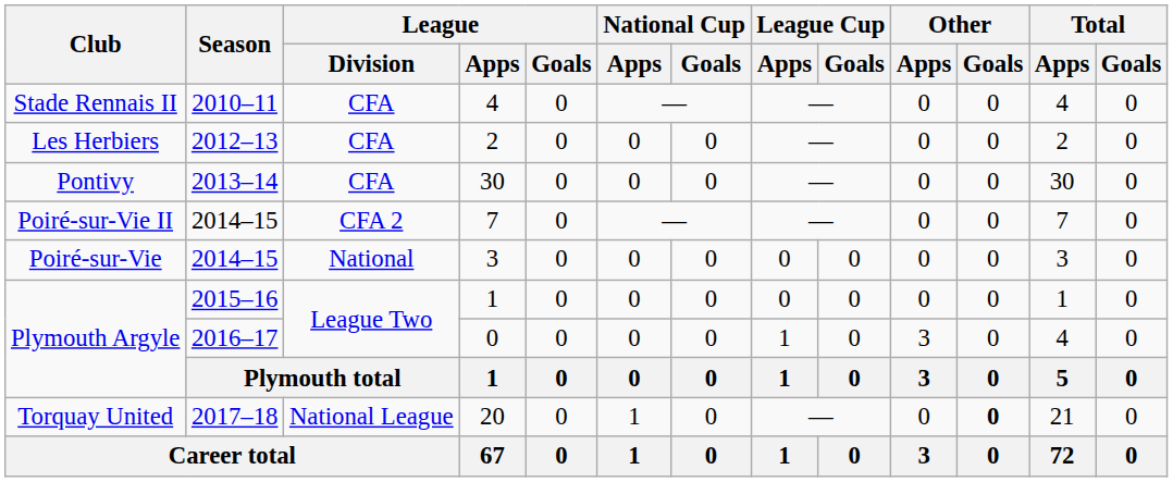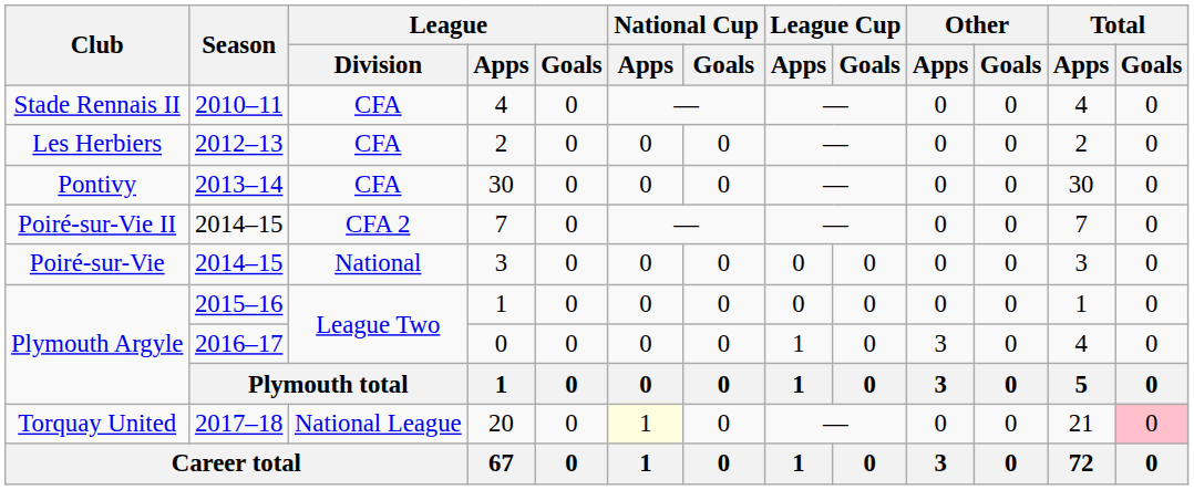 <table class="wikitable" style="text-align:center">
 <tr>
 <th rowspan="2">Club</th>
 <th rowspan="2">Season</th>
 <th colspan="3">League</th>
 <th colspan="2">National Cup</th>
 <th colspan="2">League Cup</th>
 <th colspan="2">Other</th>
 <th colspan="2">Total</th>
 </tr>
 <tr>
 <th>Division</th>
 <th>Apps</th>
 <th>Goals</th>
 <th>Apps</th>
 <th>Goals</th>
 <th>Apps</th>
 <th>Goals</th>
 <th>Apps</th>
 <th>Goals</th>
 <th>Apps</th>
 <th>Goals</th>
 </tr>
 <tr>
 <td><a href='#'>Stade Rennais II</a></td>
 <td><a href='#'>2010–11</a></td>
 <td><a href='#'>CFA</a></td>
 <td>4</td>
 <td>0</td>
 <td colspan="2">—</td>
 <td colspan="2">—</td>
 <td>0</td>
 <td>0</td>
 <td>4</td>
 <td>0</td>
 </tr>
 <tr>
 <td><a href='#'>Les Herbiers</a></td>
 <td><a href='#'>2012–13</a></td>
 <td><a href='#'>CFA</a></td>
 <td>2</td>
 <td>0</td>
 <td>0</td>
 <td>0</td>
 <td colspan="2">—</td>
 <td>0</td>
 <td>0</td>
 <td>2</td>
 <td>0</td>
 </tr>
 <tr>
 <td><a href='#'>Pontivy</a></td>
 <td><a href='#'>2013–14</a></td>
 <td><a href='#'>CFA</a></td>
 <td>30</td>
 <td>0</td>
 <td>0</td>
 <td>0</td>
 <td colspan="2">—</td>
 <td>0</td>
 <td>0</td>
 <td>30</td>
 <td>0</td>
 </tr>
 <tr>
 <td><a href='#'>Poiré-sur-Vie II</a></td>
 <td>2014–15</td>
 <td><a href='#'>CFA 2</a></td>
 <td>7</td>
 <td>0</td>
 <td colspan="2">—</td>
 <td colspan="2">—</td>
 <td>0</td>
 <td>0</td>
 <td>7</td>
 <td>0</td>
 </tr>
 <tr>
 <td><a href='#'>Poiré-sur-Vie</a></td>
 <td><a href='#'>2014–15</a></td>
 <td><a href='#'>National</a></td>
 <td>3</td>
 <td>0</td>
 <td>0</td>
 <td>0</td>
 <td>0</td>
 <td>0</td>
 <td>0</td>
 <td>0</td>
 <td>3</td>
 <td>0</td>
 </tr>
 <tr>
 <td rowspan="3"><a href='#'>Plymouth Argyle</a></td>
 <td><a href='#'>2015–16</a></td>
 <td rowspan="2"><a href='#'>League Two</a></td>
 <td>1</td>
 <td>0</td>
 <td>0</td>
 <td>0</td>
 <td>0</td>
 <td>0</td>
 <td>0</td>
 <td>0</td>
 <td>1</td>
 <td>0</td>
 </tr>
 <tr>
 <td><a href='#'>2016–17</a></td>
 <td>0</td>
 <td>0</td>
 <td>0</td>
 <td>0</td>
 <td>1</td>
 <td>0</td>
 <td>3</td>
 <td>0</td>
 <td>4</td>
 <td>0</td>
 </tr>
 <tr>
 <th colspan="2">Plymouth total</th>
 <th>1</th>
 <th>0</th>
 <th>0</th>
 <th>0</th>
 <th>1</th>
 <th>0</th>
 <th>3</th>
 <th>0</th>
 <th>5</th>
 <th>0</th>
 </tr>
 <tr>
 <td><a href='#'>Torquay United</a></td>
 <td><a href='#'>2017–18</a></td>
 <td><a href='#'>National League</a></td>
 <td>20</td>
 <td>0</td>
-<td>1</td>
+<td style="background: lightyellow;">1</td>
 <td>0</td>
 <td colspan="2">—</td>
 <td>0</td>
-<td><strong>0</strong></td>
+<td>0</td>
 <td>21</td>
-<td>0</td>
+<td style="background: pink;">0</td>
 </tr>
 <tr>
 <th colspan="3">Career total</th>
 <th>67</th>
 <th>0</th>
 <th>1</th>
 <th>0</th>
 <th>1</th>
 <th>0</th>
 <th>3</th>
 <th>0</th>
 <th>72</th>
 <th>0</th>
 </tr>
 </table>
